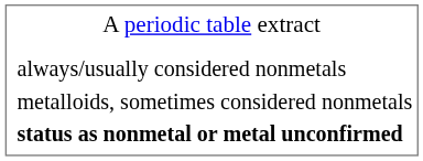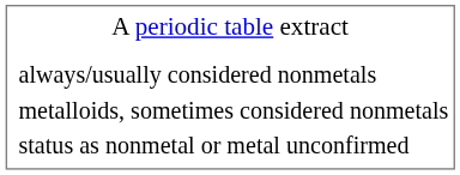 <table style="float:right; margin-left:2.5em; margin-bottom:1.2em; font-size:95%; max-width: 450px; border:1px solid grey">
 <tr>
 <td style=text-align:center>A <a href='#'>periodic table</a> extract </td>
 </tr>
 <tr>
 <td></td>
 </tr>
 <tr>
 <td></td>
 </tr>
 <tr>
 <td style="padding-left:5px; font-size:95%;">always/usually considered nonmetals</td>
 </tr>
 <tr>
 <td style="padding-left:5px; font-size:95%;">metalloids, sometimes considered nonmetals</td>
 </tr>
 <tr>
-<td style="padding-left:5px; font-size:95%;"><strong>status as nonmetal or metal unconfirmed</strong></td>
+<td style="padding-left:5px; font-size:95%;">status as nonmetal or metal unconfirmed</td>
 </tr>
 <tr>
 </tr>
 </table>
